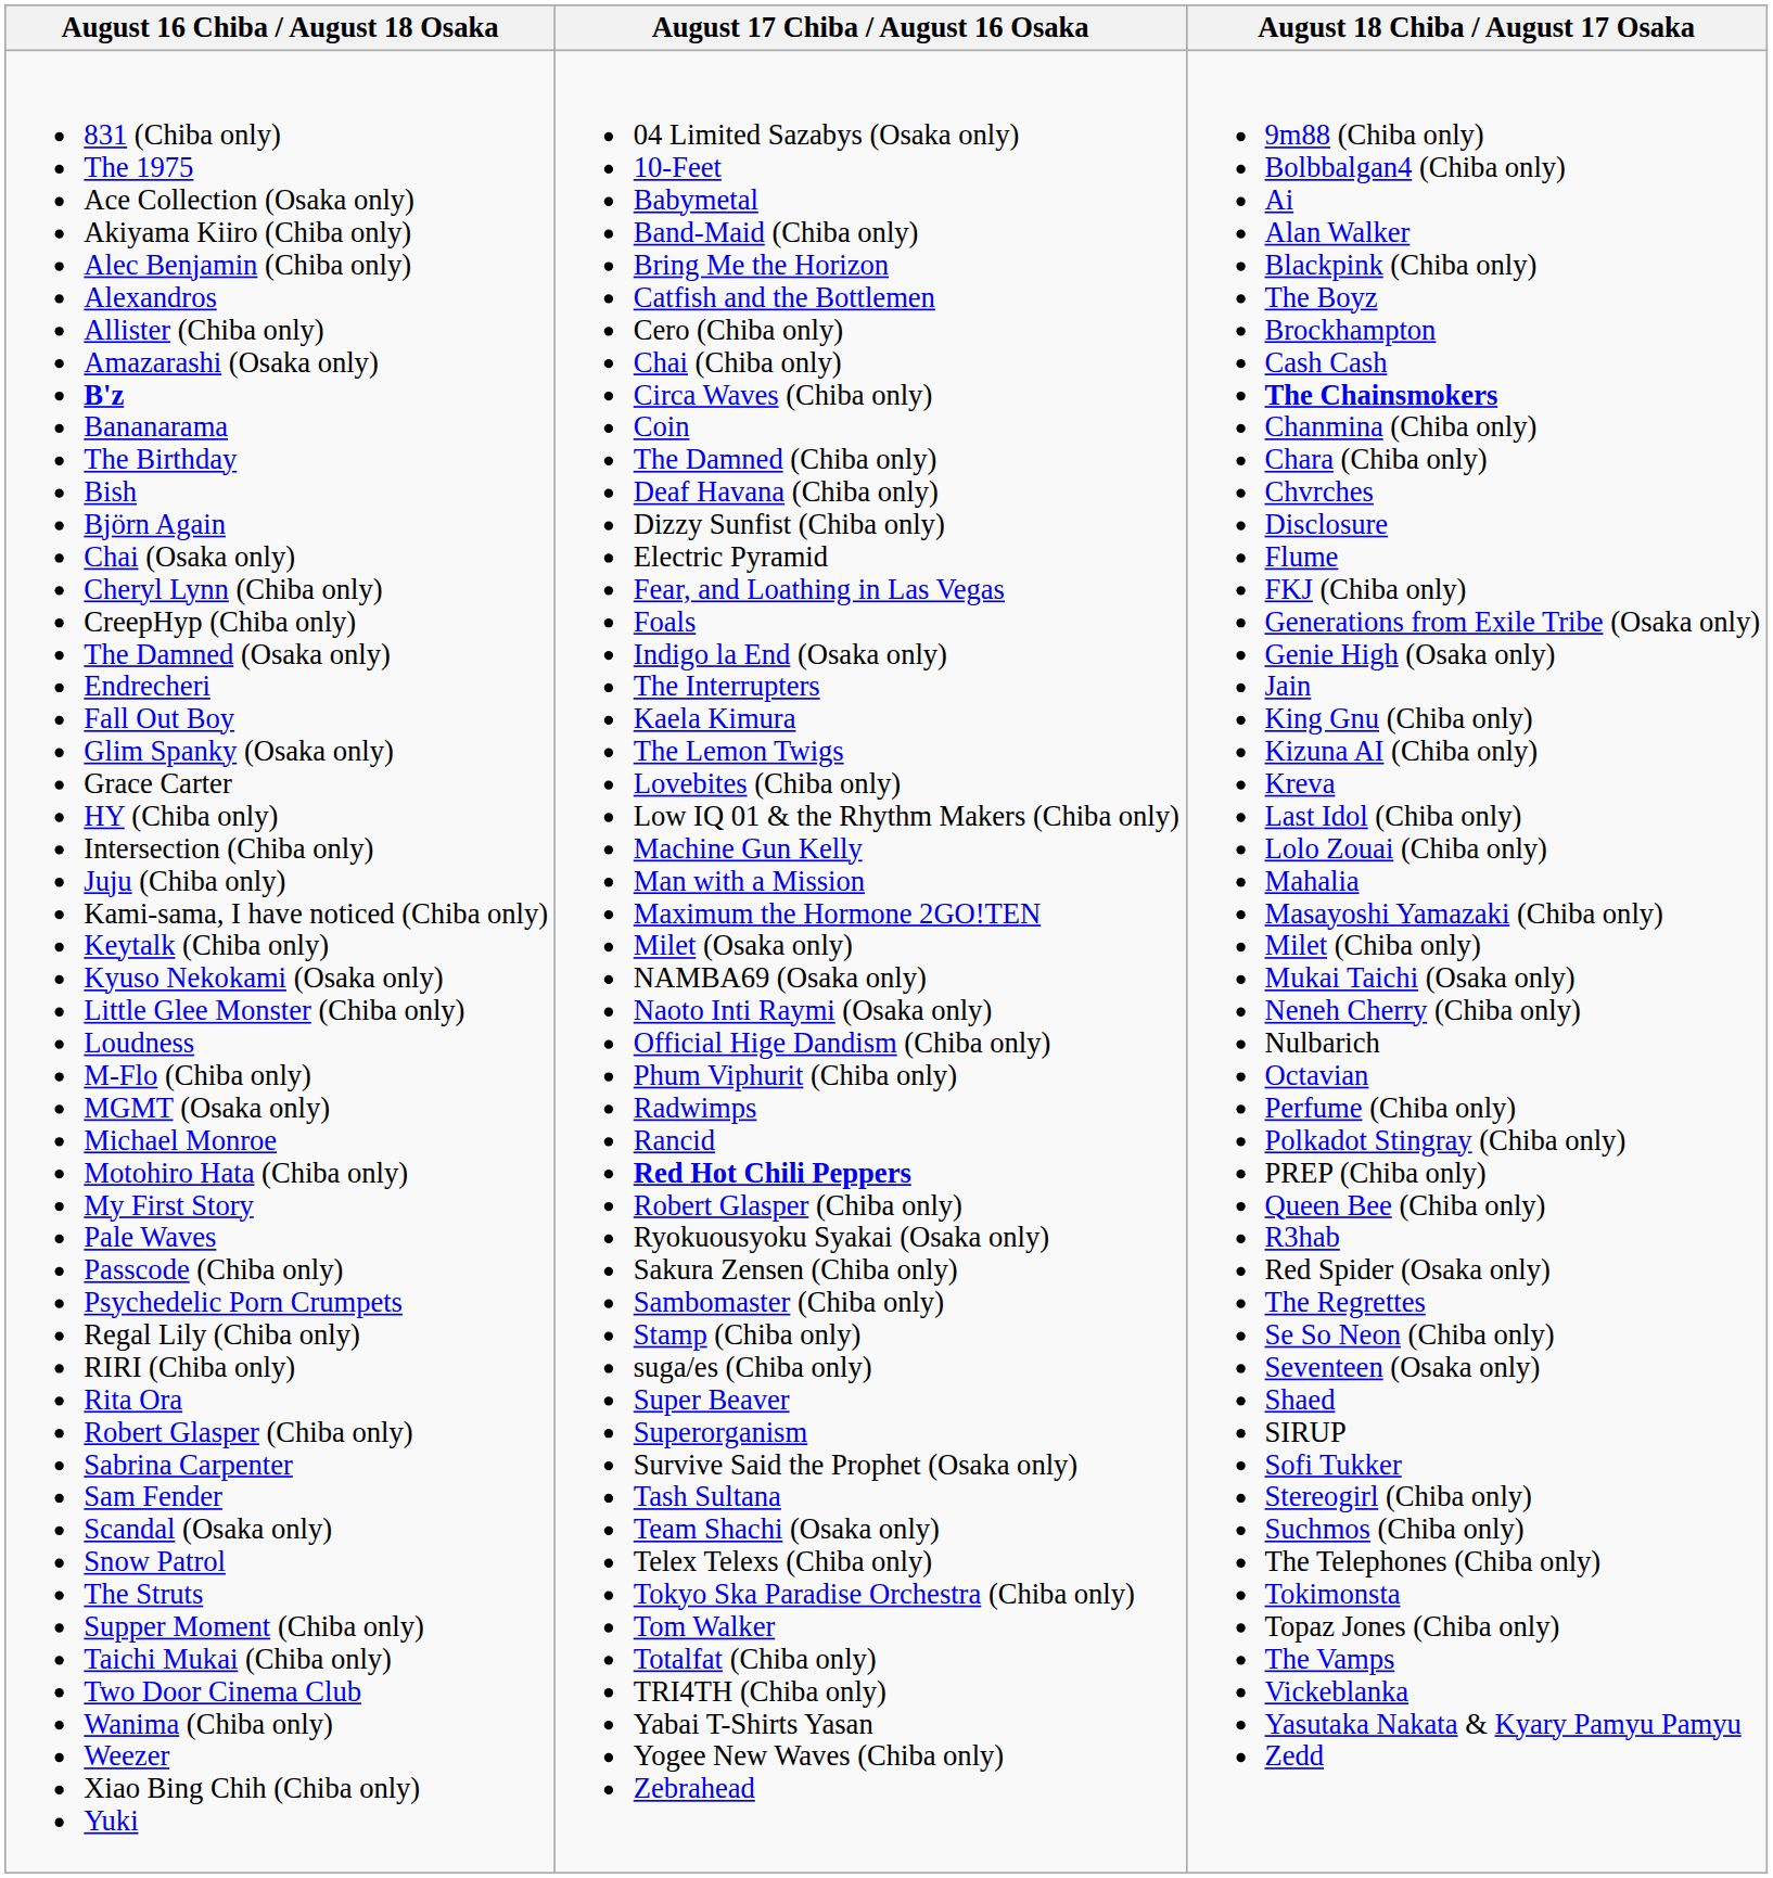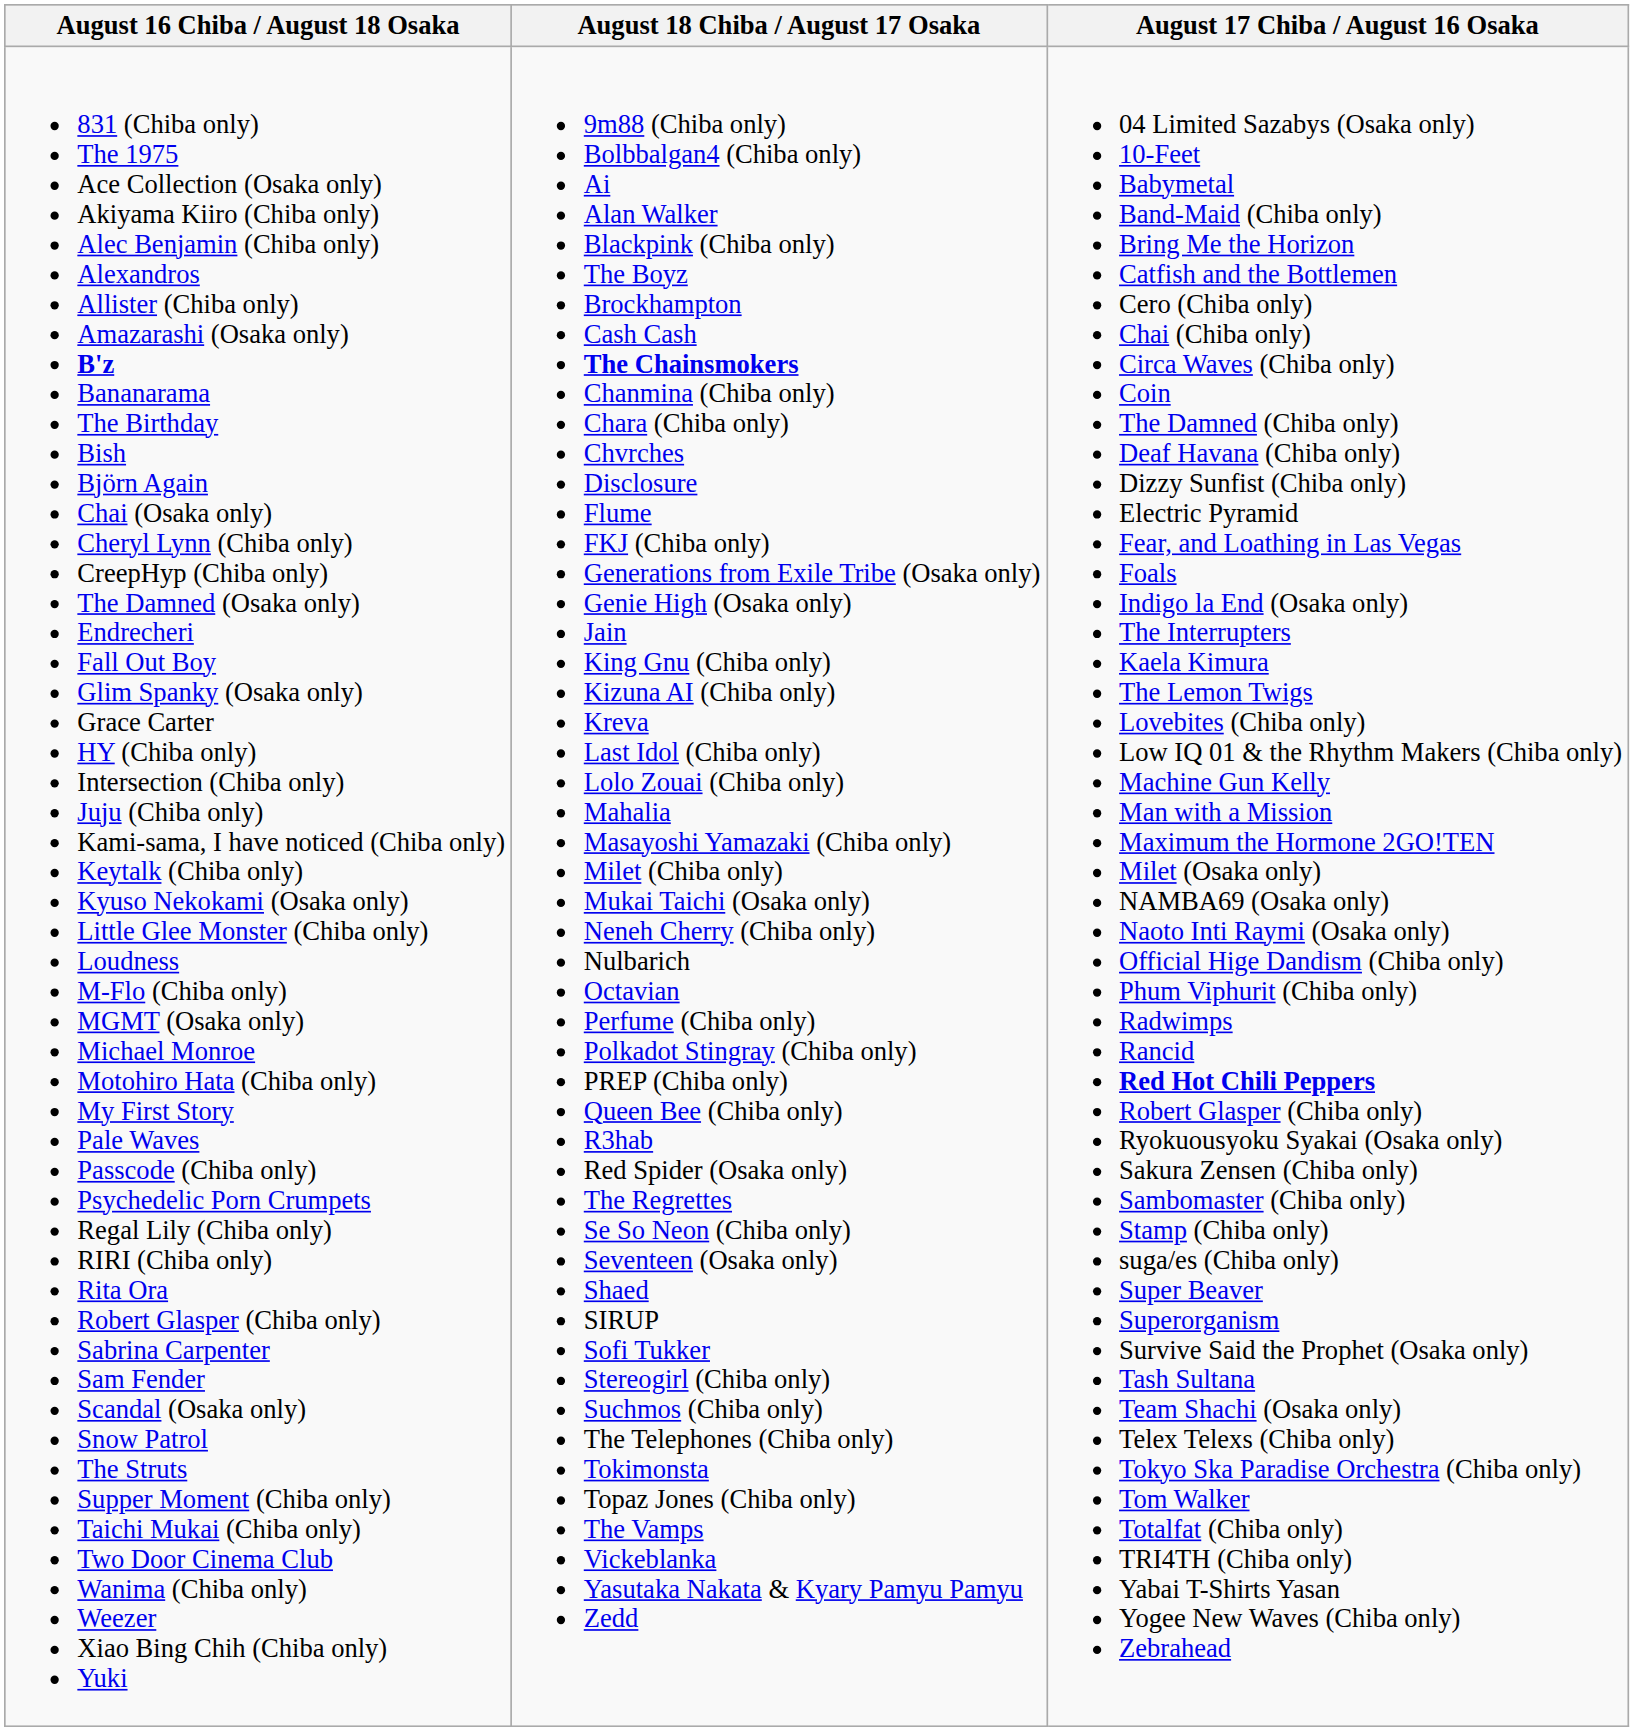 <table class="wikitable">
 <tr>
 <th>August 16 Chiba / August 18 Osaka</th>
+<th>August 18 Chiba / August 17 Osaka</th>
 <th>August 17 Chiba / August 16 Osaka</th>
-<th>August 18 Chiba / August 17 Osaka</th>
 </tr>
 <tr valign="top">
 <td><br><ul><li><a href='#'>831</a> (Chiba only)</li><li><a href='#'>The 1975</a></li><li>Ace Collection (Osaka only)</li><li>Akiyama Kiiro (Chiba only)</li><li><a href='#'>Alec Benjamin</a> (Chiba only)</li><li><a href='#'>Alexandros</a></li><li><a href='#'>Allister</a> (Chiba only)</li><li><a href='#'>Amazarashi</a> (Osaka only)</li><li><strong><a href='#'>B'z</a></strong></li><li><a href='#'>Bananarama</a></li><li><a href='#'>The Birthday</a></li><li><a href='#'>Bish</a></li><li><a href='#'>Björn Again</a></li><li><a href='#'>Chai</a> (Osaka only)</li><li><a href='#'>Cheryl Lynn</a> (Chiba only)</li><li>CreepHyp (Chiba only)</li><li><a href='#'>The Damned</a> (Osaka only)</li><li><a href='#'>Endrecheri</a></li><li><a href='#'>Fall Out Boy</a></li><li><a href='#'>Glim Spanky</a> (Osaka only)</li><li>Grace Carter</li><li><a href='#'>HY</a> (Chiba only)</li><li>Intersection (Chiba only)</li><li><a href='#'>Juju</a> (Chiba only)</li><li>Kami-sama, I have noticed (Chiba only)</li><li><a href='#'>Keytalk</a> (Chiba only)</li><li><a href='#'>Kyuso Nekokami</a> (Osaka only)</li><li><a href='#'>Little Glee Monster</a> (Chiba only)</li><li><a href='#'>Loudness</a></li><li><a href='#'>M-Flo</a> (Chiba only)</li><li><a href='#'>MGMT</a> (Osaka only)</li><li><a href='#'>Michael Monroe</a></li><li><a href='#'>Motohiro Hata</a> (Chiba only)</li><li><a href='#'>My First Story</a></li><li><a href='#'>Pale Waves</a></li><li><a href='#'>Passcode</a> (Chiba only)</li><li><a href='#'>Psychedelic Porn Crumpets</a></li><li>Regal Lily (Chiba only)</li><li>RIRI (Chiba only)</li><li><a href='#'>Rita Ora</a></li><li><a href='#'>Robert Glasper</a> (Chiba only)</li><li><a href='#'>Sabrina Carpenter</a></li><li><a href='#'>Sam Fender</a></li><li><a href='#'>Scandal</a> (Osaka only)</li><li><a href='#'>Snow Patrol</a></li><li><a href='#'>The Struts</a></li><li><a href='#'>Supper Moment</a> (Chiba only)</li><li><a href='#'>Taichi Mukai</a> (Chiba only)</li><li><a href='#'>Two Door Cinema Club</a></li><li><a href='#'>Wanima</a> (Chiba only)</li><li><a href='#'>Weezer</a></li><li>Xiao Bing Chih (Chiba only)</li><li><a href='#'>Yuki</a></li></ul></td>
+<td><br><ul><li><a href='#'>9m88</a> (Chiba only)</li><li><a href='#'>Bolbbalgan4</a> (Chiba only)</li><li><a href='#'>Ai</a></li><li><a href='#'>Alan Walker</a></li><li><a href='#'>Blackpink</a> (Chiba only)</li><li><a href='#'>The Boyz</a></li><li><a href='#'>Brockhampton</a></li><li><a href='#'>Cash Cash</a></li><li><strong><a href='#'>The Chainsmokers</a></strong></li><li><a href='#'>Chanmina</a> (Chiba only)</li><li><a href='#'>Chara</a> (Chiba only)</li><li><a href='#'>Chvrches</a></li><li><a href='#'>Disclosure</a></li><li><a href='#'>Flume</a></li><li><a href='#'>FKJ</a> (Chiba only)</li><li><a href='#'>Generations from Exile Tribe</a> (Osaka only)</li><li><a href='#'>Genie High</a> (Osaka only)</li><li><a href='#'>Jain</a></li><li><a href='#'>King Gnu</a> (Chiba only)</li><li><a href='#'>Kizuna AI</a> (Chiba only)</li><li><a href='#'>Kreva</a></li><li><a href='#'>Last Idol</a> (Chiba only)</li><li><a href='#'>Lolo Zouai</a> (Chiba only)</li><li><a href='#'>Mahalia</a></li><li><a href='#'>Masayoshi Yamazaki</a> (Chiba only)</li><li><a href='#'>Milet</a> (Chiba only)</li><li><a href='#'>Mukai Taichi</a> (Osaka only)</li><li><a href='#'>Neneh Cherry</a> (Chiba only)</li><li>Nulbarich</li><li><a href='#'>Octavian</a></li><li><a href='#'>Perfume</a> (Chiba only)</li><li><a href='#'>Polkadot Stingray</a> (Chiba only)</li><li>PREP (Chiba only)</li><li><a href='#'>Queen Bee</a> (Chiba only)</li><li><a href='#'>R3hab</a></li><li>Red Spider (Osaka only)</li><li><a href='#'>The Regrettes</a></li><li><a href='#'>Se So Neon</a> (Chiba only)</li><li><a href='#'>Seventeen</a> (Osaka only)</li><li><a href='#'>Shaed</a></li><li>SIRUP</li><li><a href='#'>Sofi Tukker</a></li><li><a href='#'>Stereogirl</a> (Chiba only)</li><li><a href='#'>Suchmos</a> (Chiba only)</li><li>The Telephones (Chiba only)</li><li><a href='#'>Tokimonsta</a></li><li>Topaz Jones (Chiba only)</li><li><a href='#'>The Vamps</a></li><li><a href='#'>Vickeblanka</a></li><li><a href='#'>Yasutaka Nakata</a> & <a href='#'>Kyary Pamyu Pamyu</a></li><li><a href='#'>Zedd</a></li></ul></td>
 <td><br><ul><li>04 Limited Sazabys (Osaka only)</li><li><a href='#'>10-Feet</a></li><li><a href='#'>Babymetal</a></li><li><a href='#'>Band-Maid</a> (Chiba only)</li><li><a href='#'>Bring Me the Horizon</a></li><li><a href='#'>Catfish and the Bottlemen</a></li><li>Cero (Chiba only)</li><li><a href='#'>Chai</a> (Chiba only)</li><li><a href='#'>Circa Waves</a> (Chiba only)</li><li><a href='#'>Coin</a></li><li><a href='#'>The Damned</a> (Chiba only)</li><li><a href='#'>Deaf Havana</a> (Chiba only)</li><li>Dizzy Sunfist (Chiba only)</li><li>Electric Pyramid</li><li><a href='#'>Fear, and Loathing in Las Vegas</a></li><li><a href='#'>Foals</a></li><li><a href='#'>Indigo la End</a> (Osaka only)</li><li><a href='#'>The Interrupters</a></li><li><a href='#'>Kaela Kimura</a></li><li><a href='#'>The Lemon Twigs</a></li><li><a href='#'>Lovebites</a> (Chiba only)</li><li>Low IQ 01 & the Rhythm Makers (Chiba only)</li><li><a href='#'>Machine Gun Kelly</a></li><li><a href='#'>Man with a Mission</a></li><li><a href='#'>Maximum the Hormone 2GO!TEN</a></li><li><a href='#'>Milet</a> (Osaka only)</li><li>NAMBA69 (Osaka only)</li><li><a href='#'>Naoto Inti Raymi</a> (Osaka only)</li><li><a href='#'>Official Hige Dandism</a> (Chiba only)</li><li><a href='#'>Phum Viphurit</a> (Chiba only)</li><li><a href='#'>Radwimps</a></li><li><a href='#'>Rancid</a></li><li><strong><a href='#'>Red Hot Chili Peppers</a></strong></li><li><a href='#'>Robert Glasper</a> (Chiba only)</li><li>Ryokuousyoku Syakai (Osaka only)</li><li>Sakura Zensen (Chiba only)</li><li><a href='#'>Sambomaster</a> (Chiba only)</li><li><a href='#'>Stamp</a> (Chiba only)</li><li>suga/es (Chiba only)</li><li><a href='#'>Super Beaver</a></li><li><a href='#'>Superorganism</a></li><li>Survive Said the Prophet (Osaka only)</li><li><a href='#'>Tash Sultana</a></li><li><a href='#'>Team Shachi</a> (Osaka only)</li><li>Telex Telexs (Chiba only)</li><li><a href='#'>Tokyo Ska Paradise Orchestra</a> (Chiba only)</li><li><a href='#'>Tom Walker</a></li><li><a href='#'>Totalfat</a> (Chiba only)</li><li>TRI4TH (Chiba only)</li><li>Yabai T-Shirts Yasan</li><li>Yogee New Waves (Chiba only)</li><li><a href='#'>Zebrahead</a></li></ul></td>
-<td><br><ul><li><a href='#'>9m88</a> (Chiba only)</li><li><a href='#'>Bolbbalgan4</a> (Chiba only)</li><li><a href='#'>Ai</a></li><li><a href='#'>Alan Walker</a></li><li><a href='#'>Blackpink</a> (Chiba only)</li><li><a href='#'>The Boyz</a></li><li><a href='#'>Brockhampton</a></li><li><a href='#'>Cash Cash</a></li><li><strong><a href='#'>The Chainsmokers</a></strong></li><li><a href='#'>Chanmina</a> (Chiba only)</li><li><a href='#'>Chara</a> (Chiba only)</li><li><a href='#'>Chvrches</a></li><li><a href='#'>Disclosure</a></li><li><a href='#'>Flume</a></li><li><a href='#'>FKJ</a> (Chiba only)</li><li><a href='#'>Generations from Exile Tribe</a> (Osaka only)</li><li><a href='#'>Genie High</a> (Osaka only)</li><li><a href='#'>Jain</a></li><li><a href='#'>King Gnu</a> (Chiba only)</li><li><a href='#'>Kizuna AI</a> (Chiba only)</li><li><a href='#'>Kreva</a></li><li><a href='#'>Last Idol</a> (Chiba only)</li><li><a href='#'>Lolo Zouai</a> (Chiba only)</li><li><a href='#'>Mahalia</a></li><li><a href='#'>Masayoshi Yamazaki</a> (Chiba only)</li><li><a href='#'>Milet</a> (Chiba only)</li><li><a href='#'>Mukai Taichi</a> (Osaka only)</li><li><a href='#'>Neneh Cherry</a> (Chiba only)</li><li>Nulbarich</li><li><a href='#'>Octavian</a></li><li><a href='#'>Perfume</a> (Chiba only)</li><li><a href='#'>Polkadot Stingray</a> (Chiba only)</li><li>PREP (Chiba only)</li><li><a href='#'>Queen Bee</a> (Chiba only)</li><li><a href='#'>R3hab</a></li><li>Red Spider (Osaka only)</li><li><a href='#'>The Regrettes</a></li><li><a href='#'>Se So Neon</a> (Chiba only)</li><li><a href='#'>Seventeen</a> (Osaka only)</li><li><a href='#'>Shaed</a></li><li>SIRUP</li><li><a href='#'>Sofi Tukker</a></li><li><a href='#'>Stereogirl</a> (Chiba only)</li><li><a href='#'>Suchmos</a> (Chiba only)</li><li>The Telephones (Chiba only)</li><li><a href='#'>Tokimonsta</a></li><li>Topaz Jones (Chiba only)</li><li><a href='#'>The Vamps</a></li><li><a href='#'>Vickeblanka</a></li><li><a href='#'>Yasutaka Nakata</a> & <a href='#'>Kyary Pamyu Pamyu</a></li><li><a href='#'>Zedd</a></li></ul></td>
 </tr>
 </table>
